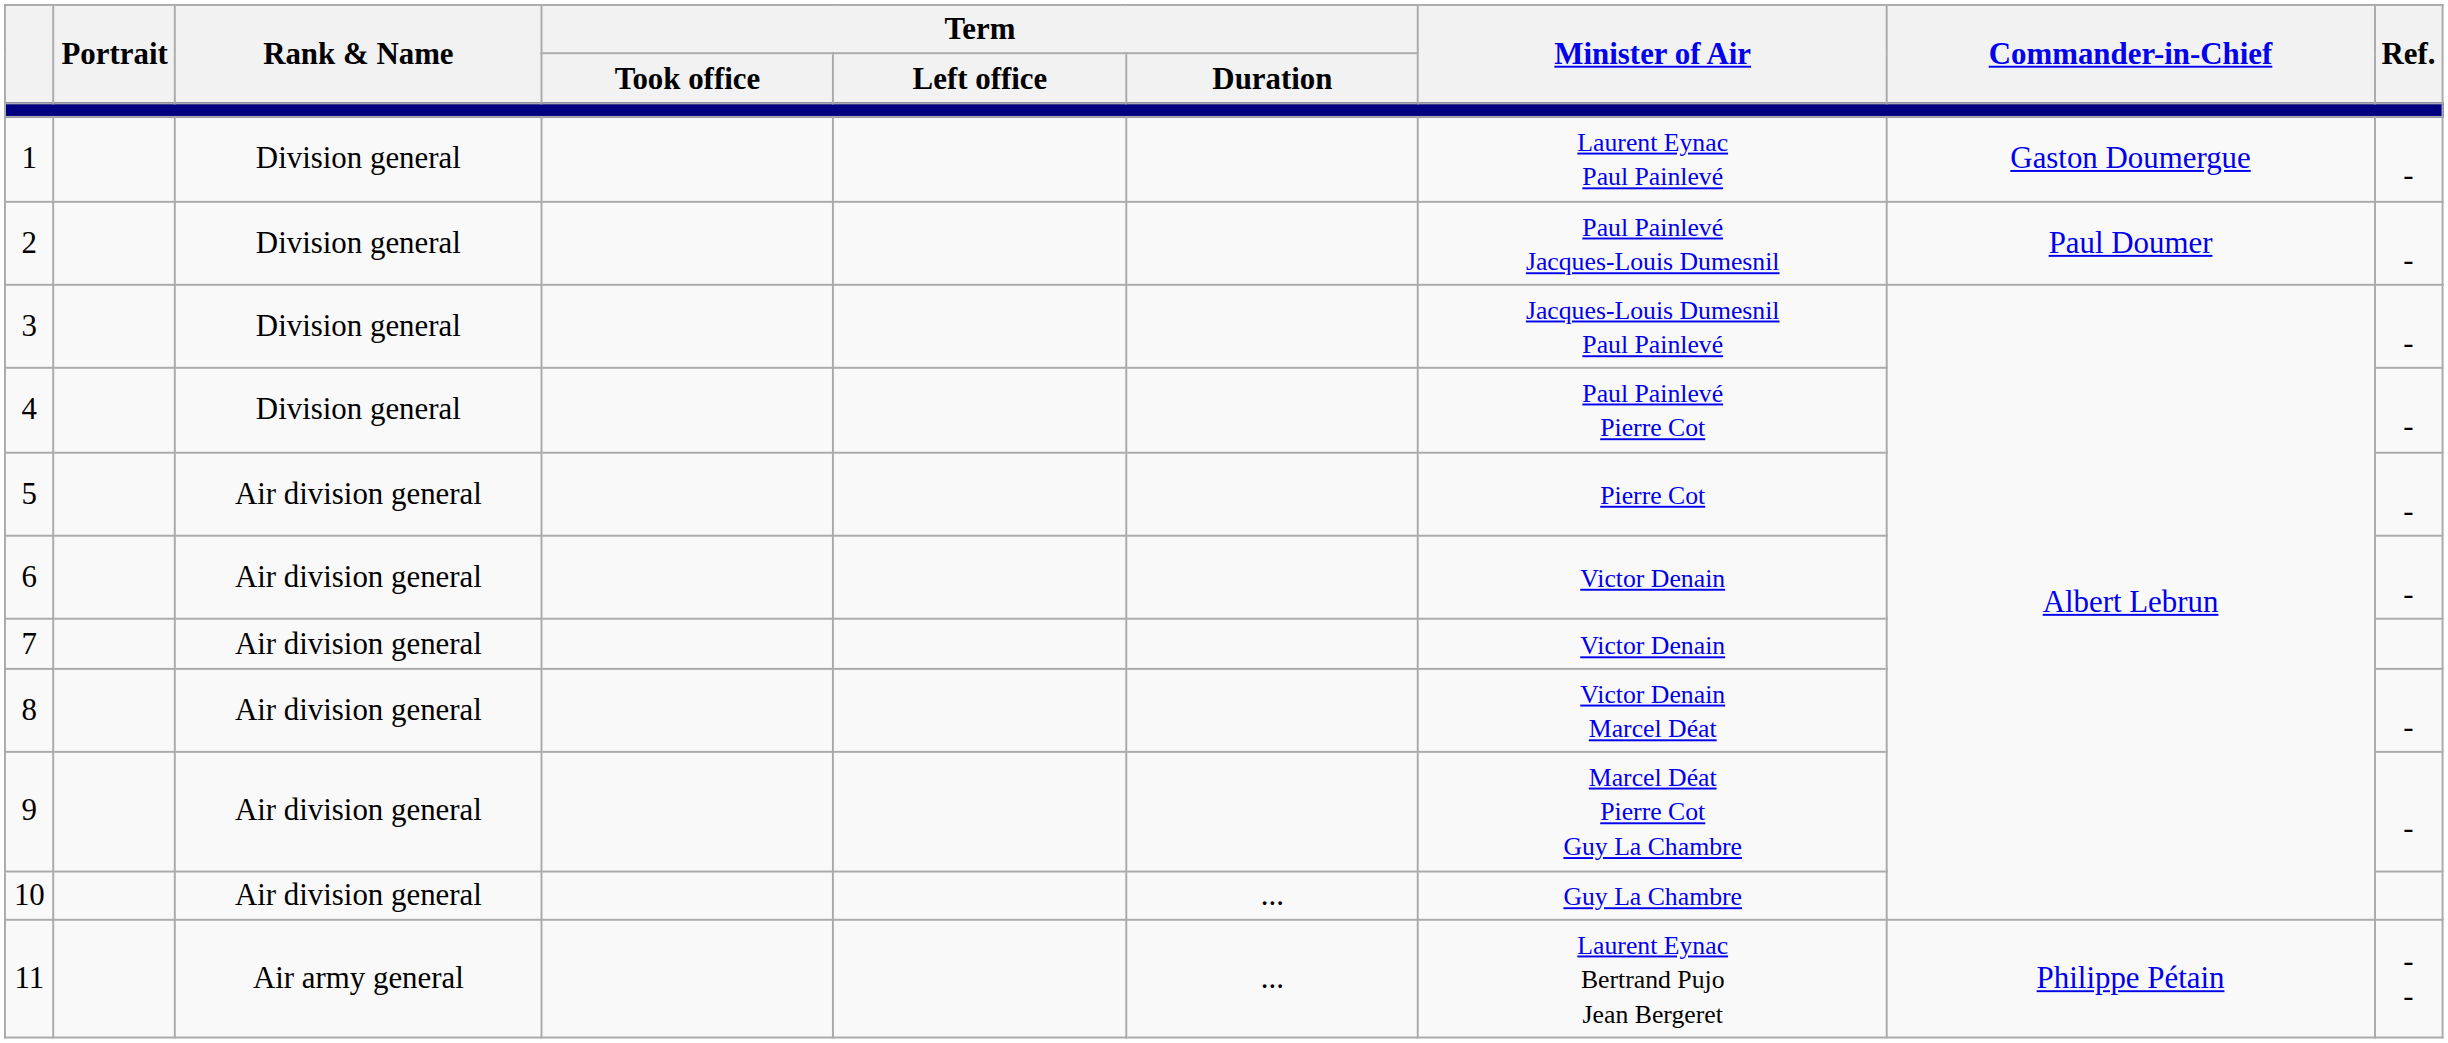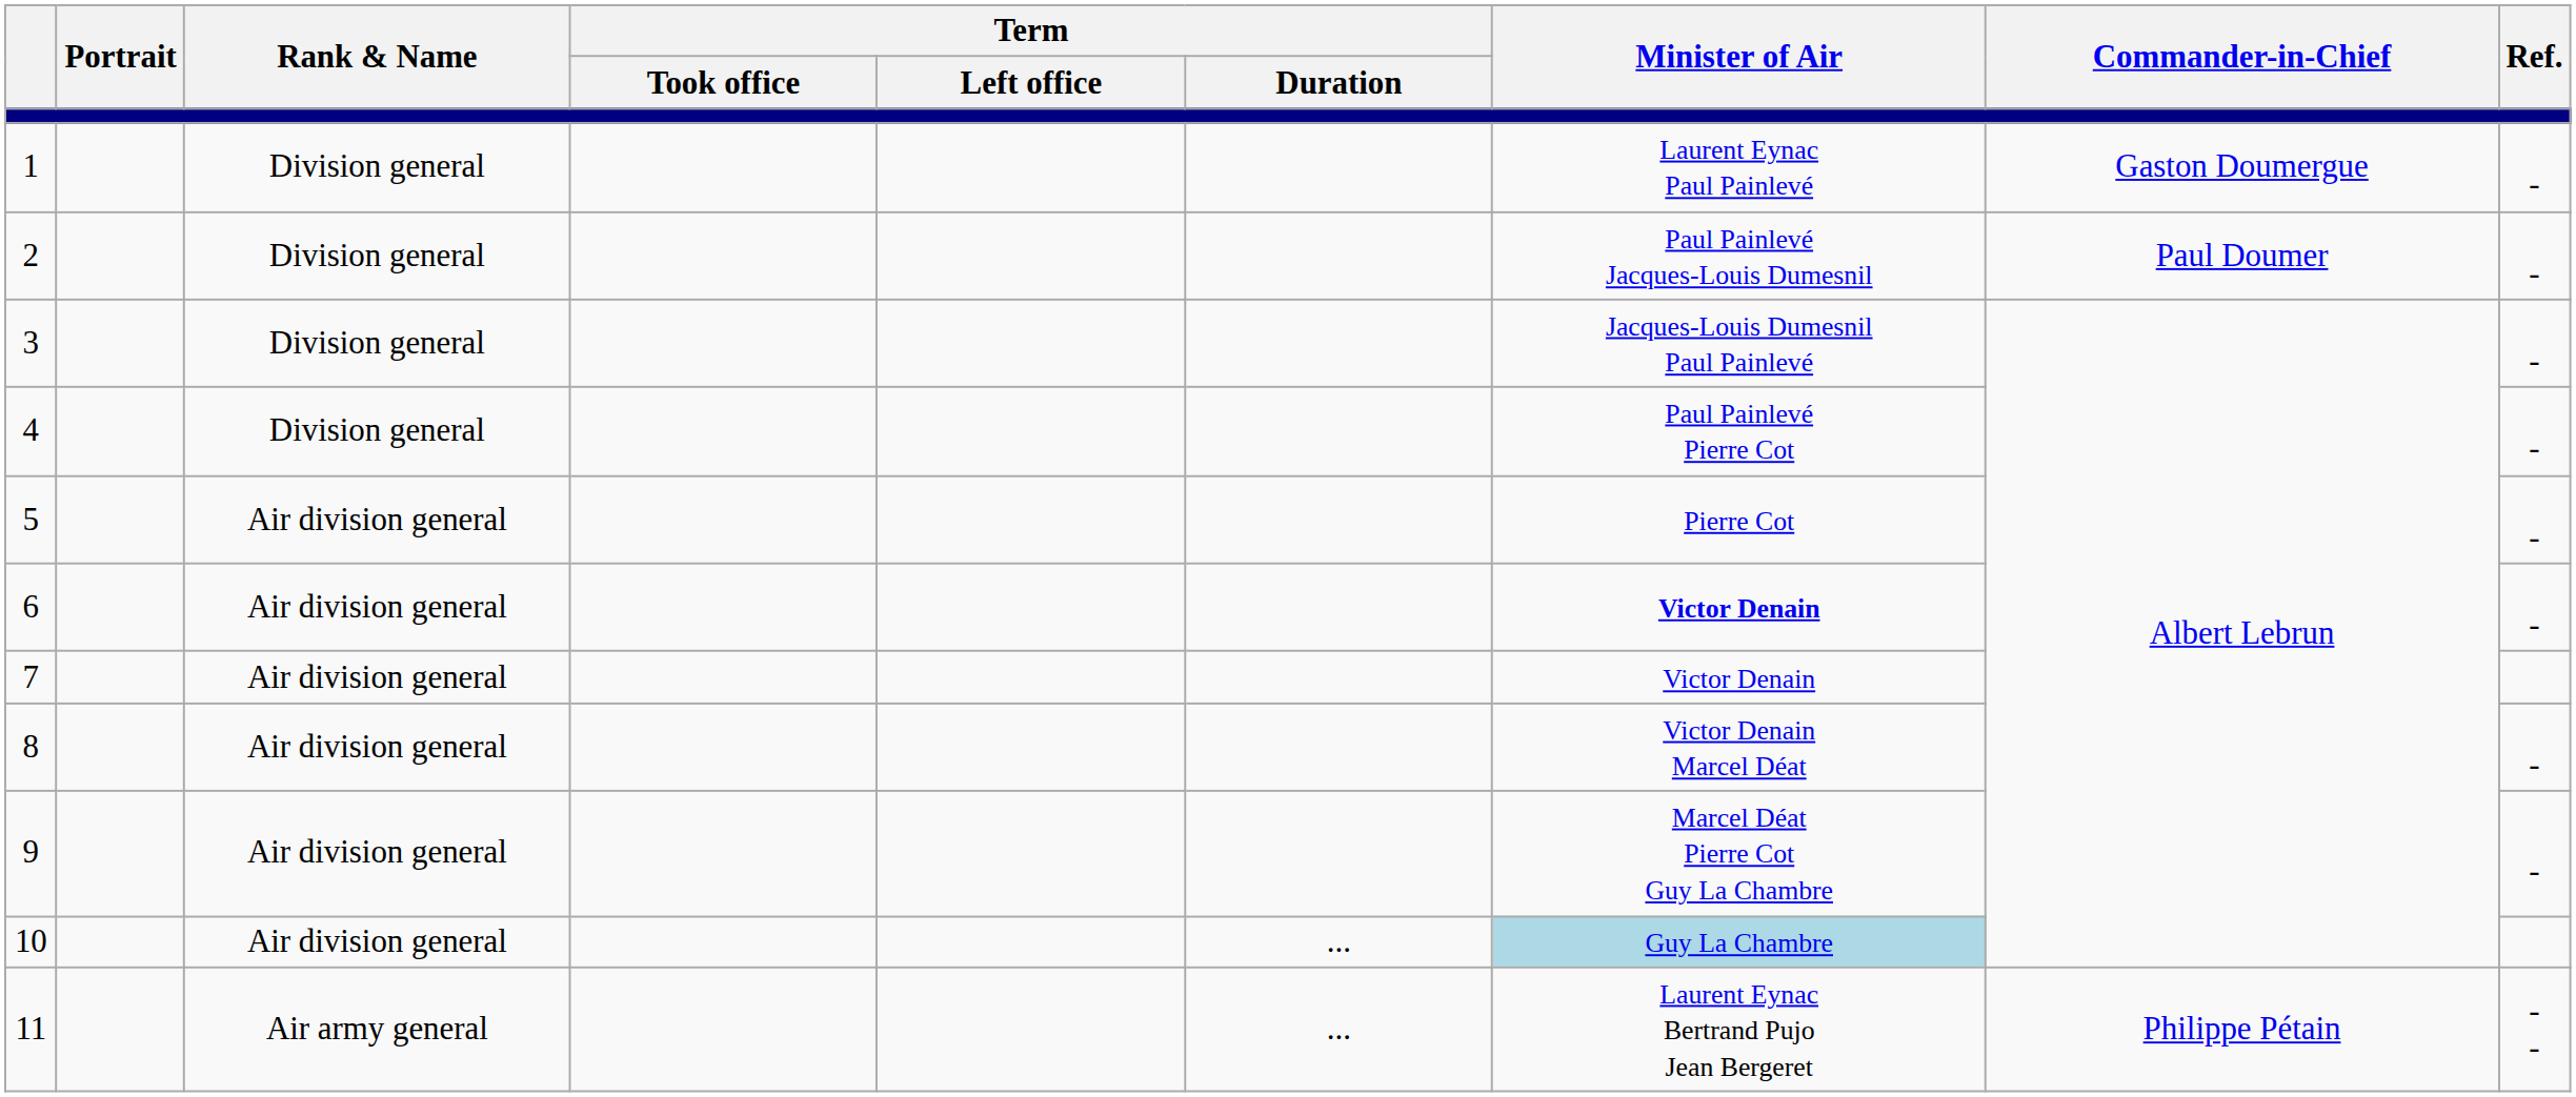 <table class="wikitable" style="text-align:center; width:100%">
 <tr>
 <th style="width:2%" rowspan=2></th>
 <th style="width:5%" rowspan=2>Portrait</th>
 <th style="width:15%" rowspan=2>Rank & Name</th>
 <th colspan=3>Term</th>
 <th rowspan=2><a href='#'>Minister of Air</a></th>
 <th style="width:20%" rowspan=2><a href='#'>Commander-in-Chief</a></th>
 <th style="width:2%" rowspan=2>Ref.</th>
 </tr>
 <tr>
 <th style="width:12%">Took office </th>
 <th style="width:12%">Left office </th>
 <th style="width:12%">Duration</th>
 </tr>
 <tr bgcolor="navy">
 <td colspan=9></td>
 </tr>
 <tr>
 <td>1</td>
 <td></td>
 <td>Division general<br><strong></strong></td>
 <td></td>
 <td></td>
 <td></td>
 <td><small><a href='#'>Laurent Eynac</a><br><a href='#'>Paul Painlevé</a></small></td>
 <td rowspan=2><a href='#'>Gaston Doumergue</a></td>
 <td><br>-</td>
 </tr>
 <tr>
 <td rowspan=2>2</td>
 <td rowspan=2></td>
 <td rowspan=2>Division general<br><strong></strong></td>
 <td rowspan=2></td>
 <td rowspan=2></td>
 <td rowspan=2></td>
 <td rowspan=2><small><a href='#'>Paul Painlevé</a><br><a href='#'>Jacques-Louis Dumesnil</a></small></td>
 <td rowspan=2><br>-</td>
 </tr>
 <tr>
 <td rowspan=2><a href='#'>Paul Doumer</a></td>
 </tr>
 <tr>
 <td rowspan=2>3</td>
 <td rowspan=2></td>
 <td rowspan=2>Division general<br><strong></strong></td>
 <td rowspan=2></td>
 <td rowspan=2></td>
 <td rowspan=2></td>
 <td rowspan=2><small><a href='#'>Jacques-Louis Dumesnil</a><br><a href='#'>Paul Painlevé</a></small></td>
 <td rowspan=2><br>-</td>
 </tr>
 <tr>
 <td rowspan=9><a href='#'>Albert Lebrun</a></td>
 </tr>
 <tr>
 <td>4</td>
 <td></td>
 <td>Division general<br><strong></strong></td>
 <td></td>
 <td></td>
 <td></td>
 <td><small><a href='#'>Paul Painlevé</a><br><a href='#'>Pierre Cot</a></small></td>
 <td><br>-</td>
 </tr>
 <tr>
 <td>5</td>
 <td></td>
 <td>Air division general<br><strong></strong></td>
 <td></td>
 <td></td>
 <td></td>
 <td><small><a href='#'>Pierre Cot</a></small></td>
 <td><br>-</td>
 </tr>
 <tr>
 <td>6</td>
 <td></td>
 <td>Air division general<br><strong></strong></td>
 <td></td>
 <td></td>
 <td></td>
-<td><small><a href='#'>Victor Denain</a></small></td>
+<td><strong><small><a href='#'>Victor Denain</a></small></strong></td>
 <td><br>-</td>
 </tr>
 <tr>
 <td>7</td>
 <td></td>
 <td>Air division general<br><strong></strong></td>
 <td></td>
 <td></td>
 <td></td>
 <td><small><a href='#'>Victor Denain</a></small></td>
 <td><br></td>
 </tr>
 <tr>
 <td>8</td>
 <td></td>
 <td>Air division general<br><strong></strong></td>
 <td></td>
 <td></td>
 <td></td>
 <td><small><a href='#'>Victor Denain</a><br><a href='#'>Marcel Déat</a></small></td>
 <td><br>-</td>
 </tr>
 <tr>
 <td>9</td>
 <td></td>
 <td>Air division general<br><strong></strong></td>
 <td></td>
 <td></td>
 <td></td>
 <td><small><a href='#'>Marcel Déat</a><br><a href='#'>Pierre Cot</a><br><a href='#'>Guy La Chambre</a></small></td>
 <td><br>-</td>
 </tr>
 <tr>
 <td>10</td>
 <td></td>
 <td>Air division general<br><strong></strong></td>
 <td></td>
 <td></td>
 <td>...</td>
-<td><small><a href='#'>Guy La Chambre</a></small></td>
+<td style="background: lightblue;"><small><a href='#'>Guy La Chambre</a></small></td>
 <td><br></td>
 </tr>
 <tr>
 <td rowspan=2>11</td>
 <td rowspan=2></td>
 <td rowspan=2>Air army general<br><strong></strong></td>
 <td rowspan=2></td>
 <td rowspan=2></td>
 <td rowspan=2>...</td>
 <td rowspan=2><small><a href='#'>Laurent Eynac</a><br>Bertrand Pujo<br>Jean Bergeret</small></td>
 <td rowspan=2>-<br>-</td>
 </tr>
 <tr>
 <td><a href='#'>Philippe Pétain</a></td>
 </tr>
 </table>
